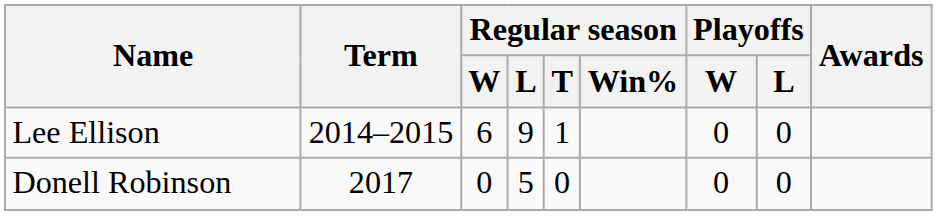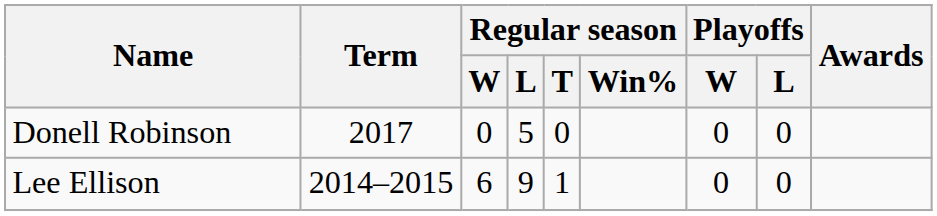 <table class="wikitable" style="text-align:center">
 <tr>
 <th rowspan="2" style="width:140px;">Name</th>
 <th rowspan="2">Term</th>
 <th colspan="4">Regular season</th>
 <th colspan="2">Playoffs</th>
 <th rowspan="2">Awards</th>
 </tr>
 <tr>
 <th>W</th>
 <th>L</th>
 <th>T</th>
 <th>Win%</th>
 <th>W</th>
 <th>L</th>
 </tr>
 <tr>
+<td align=left>Donell Robinson</td>
+<td>2017</td>
+<td>0</td>
+<td>5</td>
+<td>0</td>
+<td></td>
+<td>0</td>
+<td>0</td>
+<td align=left></td>
+</tr>
+<tr>
 <td align=left>Lee Ellison</td>
 <td>2014–2015</td>
 <td>6</td>
 <td>9</td>
 <td>1</td>
 <td></td>
 <td>0</td>
 <td>0</td>
 <td align=left></td>
 </tr>
-<tr>
-<td align=left>Donell Robinson</td>
-<td>2017</td>
-<td>0</td>
-<td>5</td>
-<td>0</td>
-<td></td>
-<td>0</td>
-<td>0</td>
-<td align=left></td>
-</tr>
 </table>
